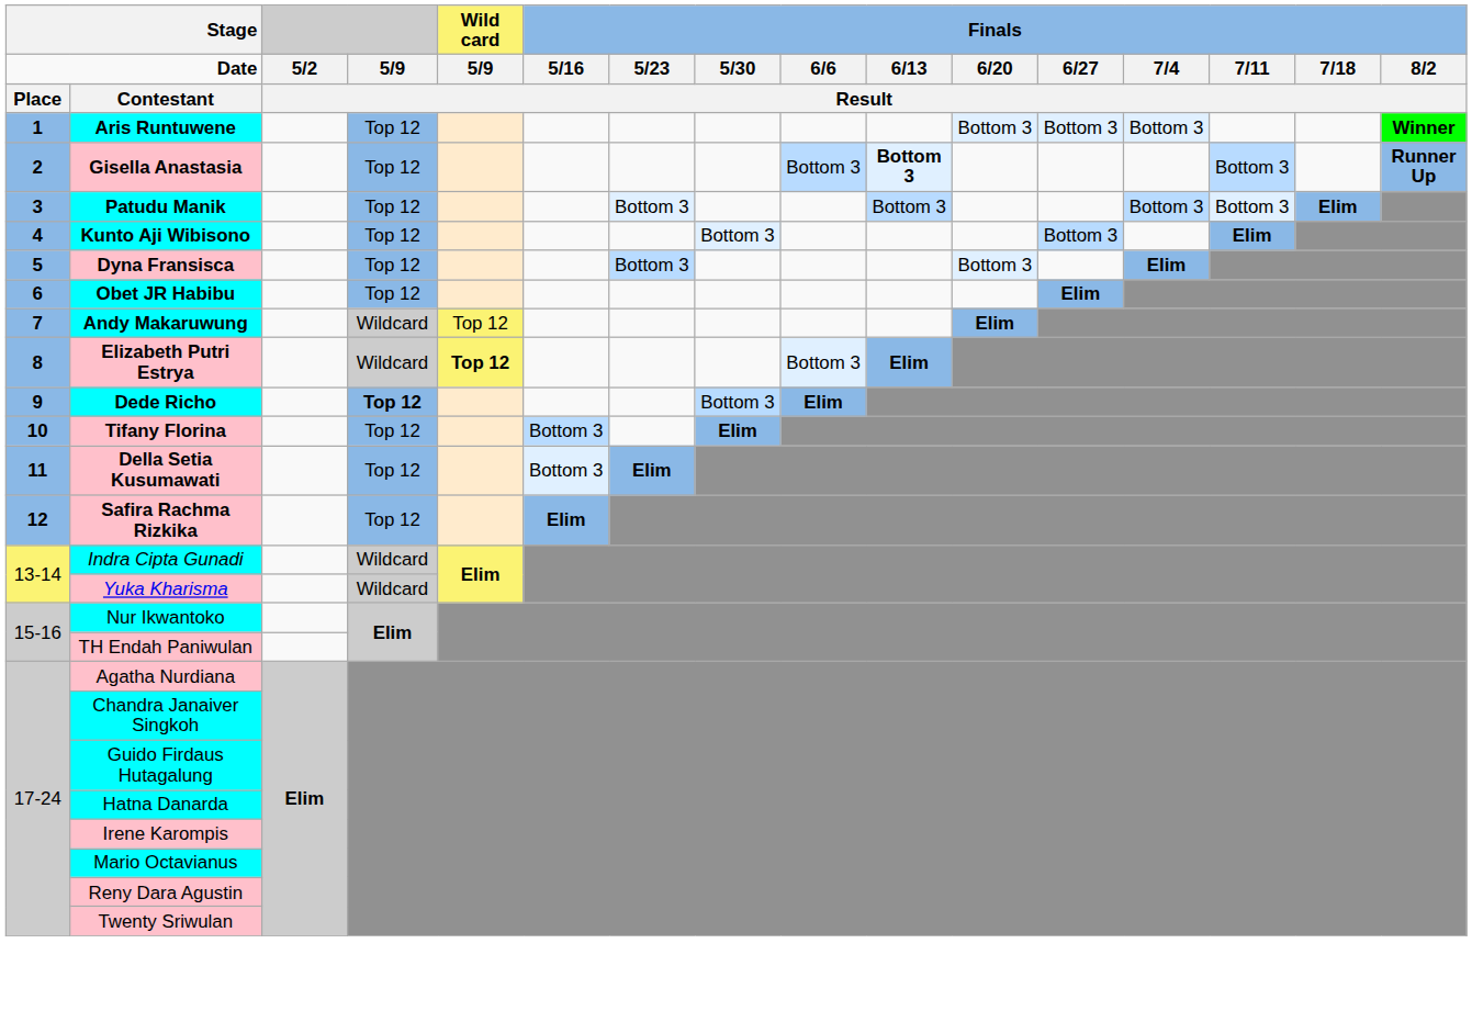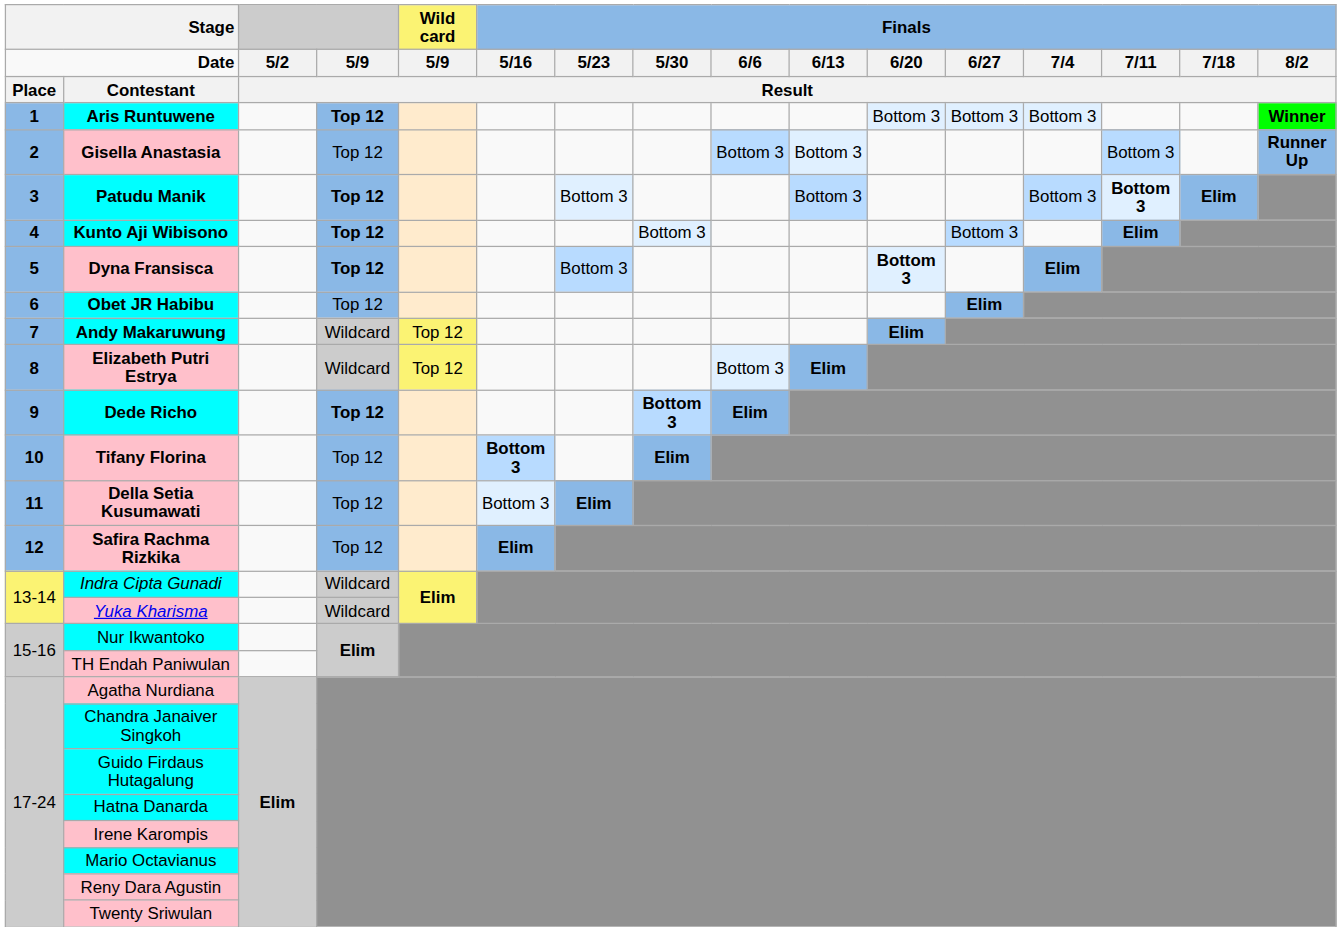 <table class="wikitable" style="margin:1em auto; text-align:center; font-size:85%; width:85%">
 <tr>
 <th colspan="2" style="text-align:right;">Stage</th>
 <th colspan="2" style="background:#ccc;"></th>
 <th style="background:#fbf373;">Wild card</th>
 <th colspan="100" style="background:#8ab8e6;">Finals</th>
 </tr>
 <tr>
 <td colspan="2" style="text-align:right;"><strong>Date</strong></td>
 <th style="width:50px">5/2</th>
 <th style="width:50px">5/9</th>
 <th style="width:50px">5/9</th>
 <th style="width:50px">5/16</th>
 <th style="width:50px">5/23</th>
 <th style="width:50px">5/30</th>
 <th style="width:50px">6/6</th>
 <th style="width:50px">6/13</th>
 <th style="width:50px">6/20</th>
 <th style="width:50px">6/27</th>
 <th style="width:50px">7/4</th>
 <th style="width:50px">7/11</th>
 <th style="width:50px">7/18</th>
 <th style="width:50px">8/2</th>
 </tr>
 <tr>
 <th style="width:30px">Place</th>
 <th style="width:120px">Contestant</th>
 <th colspan="100">Result</th>
 </tr>
 <tr>
 <td style="background:#8ab8e6;"><strong>1</strong></td>
 <td style="background:cyan;"><strong>Aris Runtuwene</strong></td>
 <td></td>
-<td style="background:#8ab8e6;">Top 12</td>
+<td style="background:#8ab8e6;"><strong>Top 12</strong></td>
 <td style="background:#ffebcd"></td>
 <td></td>
 <td></td>
 <td></td>
 <td></td>
 <td></td>
 <td style="background:#e0f0ff;">Bottom 3</td>
 <td style="background:#e0f0ff;">Bottom 3</td>
 <td style="background:#e0f0ff;">Bottom 3</td>
 <td></td>
 <td></td>
 <td style="background:lime;"><strong>Winner</strong></td>
 </tr>
 <tr>
 <td style="background:#8ab8e6;"><strong>2</strong></td>
 <td style="background:pink;"><strong>Gisella Anastasia</strong></td>
 <td></td>
 <td style="background:#8ab8e6;">Top 12</td>
 <td style="background:#ffebcd"></td>
 <td></td>
 <td></td>
 <td></td>
 <td style="background:#b8dbff;">Bottom 3</td>
-<td style="background:#e0f0ff;"><strong>Bottom 3</strong></td>
+<td style="background:#e0f0ff;">Bottom 3</td>
 <td></td>
 <td></td>
 <td></td>
 <td style="background:#b8dbff;">Bottom 3</td>
 <td></td>
 <td style="background:#8ab8e6;"><strong>Runner Up</strong></td>
 </tr>
 <tr>
 <td style="background:#8ab8e6;"><strong>3</strong></td>
 <td style="background:cyan;"><strong>Patudu Manik</strong></td>
 <td></td>
-<td style="background:#8ab8e6;">Top 12</td>
+<td style="background:#8ab8e6;"><strong>Top 12</strong></td>
 <td style="background:#ffebcd"></td>
 <td></td>
 <td style="background:#e0f0ff;">Bottom 3</td>
 <td></td>
 <td></td>
 <td style="background:#b8dbff;">Bottom 3</td>
 <td></td>
 <td></td>
 <td style="background:#b8dbff;">Bottom 3</td>
-<td style="background:#e0f0ff;">Bottom 3</td>
+<td style="background:#e0f0ff;"><strong>Bottom 3</strong></td>
 <td style="background:#8ab8e6;"><strong>Elim</strong></td>
 <td style="background:#919191;" colspan="24"></td>
 </tr>
 <tr>
 <td style="background:#8ab8e6;"><strong>4</strong></td>
 <td style="background:cyan;"><strong>Kunto Aji Wibisono</strong></td>
 <td></td>
-<td style="background:#8ab8e6;">Top 12</td>
+<td style="background:#8ab8e6;"><strong>Top 12</strong></td>
 <td style="background:#ffebcd"></td>
 <td></td>
 <td></td>
 <td style="background:#e0f0ff;">Bottom 3</td>
 <td></td>
 <td></td>
 <td></td>
 <td style="background:#b8dbff;">Bottom 3</td>
 <td></td>
 <td style="background:#8ab8e6;"><strong>Elim</strong></td>
 <td style="background:#919191;" colspan="24"></td>
 </tr>
 <tr>
 <td style="background:#8ab8e6;"><strong>5</strong></td>
 <td style="background:pink;"><strong>Dyna Fransisca</strong></td>
 <td></td>
-<td style="background:#8ab8e6;">Top 12</td>
+<td style="background:#8ab8e6;"><strong>Top 12</strong></td>
 <td style="background:#ffebcd"></td>
 <td></td>
 <td style="background:#b8dbff;">Bottom 3</td>
 <td></td>
 <td></td>
 <td></td>
-<td style="background:#e0f0ff;">Bottom 3</td>
+<td style="background:#e0f0ff;"><strong>Bottom 3</strong></td>
 <td></td>
 <td style="background:#8ab8e6;"><strong>Elim</strong></td>
 <td style="background:#919191;" colspan="24"></td>
 </tr>
 <tr>
 <td style="background:#8ab8e6;"><strong>6</strong></td>
 <td style="background:cyan;"><strong>Obet JR Habibu</strong></td>
 <td></td>
 <td style="background:#8ab8e6;">Top 12</td>
 <td style="background:#ffebcd"></td>
 <td></td>
 <td></td>
 <td></td>
 <td></td>
 <td></td>
 <td></td>
 <td style="background:#8ab8e6;"><strong>Elim</strong></td>
 <td style="background:#919191;" colspan="24"></td>
 </tr>
 <tr>
 <td style="background:#8ab8e6;"><strong>7</strong></td>
 <td style="background:cyan;"><strong>Andy Makaruwung</strong></td>
 <td></td>
 <td style="background:#ccc;">Wildcard</td>
 <td style="background:#fbf373;">Top 12</td>
 <td></td>
 <td></td>
 <td></td>
 <td></td>
 <td></td>
 <td style="background:#8ab8e6;"><strong>Elim</strong></td>
 <td style="background:#919191;" colspan="24"></td>
 </tr>
 <tr>
 <td style="background:#8ab8e6;"><strong>8</strong></td>
 <td style="background:pink;"><strong>Elizabeth Putri Estrya</strong></td>
 <td></td>
 <td style="background:#ccc;">Wildcard</td>
-<td style="background:#fbf373;"><strong>Top 12</strong></td>
+<td style="background:#fbf373;">Top 12</td>
 <td></td>
 <td></td>
 <td></td>
 <td style="background:#e0f0ff;">Bottom 3</td>
 <td style="background:#8ab8e6;"><strong>Elim</strong></td>
 <td style="background:#919191;" colspan="42"></td>
 </tr>
 <tr>
 <td style="background:#8ab8e6;"><strong>9</strong></td>
 <td style="background:cyan;"><strong>Dede Richo</strong></td>
 <td></td>
 <td style="background:#8ab8e6;"><strong>Top 12</strong></td>
 <td style="background:#ffebcd"></td>
 <td></td>
 <td></td>
-<td style="background:#b8dbff;">Bottom 3</td>
+<td style="background:#b8dbff;"><strong>Bottom 3</strong></td>
 <td style="background:#8ab8e6;"><strong>Elim</strong></td>
 <td style="background:#919191;" colspan="24"></td>
 </tr>
 <tr>
 <td style="background:#8ab8e6;"><strong>10</strong></td>
 <td style="background:pink;"><strong>Tifany Florina</strong></td>
 <td></td>
 <td style="background:#8ab8e6;">Top 12</td>
 <td style="background:#ffebcd"></td>
-<td style="background:#b8dbff;">Bottom 3</td>
+<td style="background:#b8dbff;"><strong>Bottom 3</strong></td>
 <td></td>
 <td style="background:#8ab8e6;"><strong>Elim</strong></td>
 <td style="background:#919191;" colspan="24"></td>
 </tr>
 <tr>
 <td style="background:#8ab8e6;"><strong>11</strong></td>
 <td style="background:pink;"><strong>Della Setia Kusumawati</strong></td>
 <td></td>
 <td style="background:#8ab8e6;">Top 12</td>
 <td style="background:#ffebcd"></td>
 <td style="background:#e0f0ff;">Bottom 3</td>
 <td style="background:#8ab8e6;"><strong>Elim</strong></td>
 <td style="background:#919191;" colspan="24"></td>
 </tr>
 <tr>
 <td style="background:#8ab8e6;"><strong>12</strong></td>
 <td style="background:pink;"><strong>Safira Rachma Rizkika</strong></td>
 <td></td>
 <td style="background:#8ab8e6;">Top 12</td>
 <td style="background:#ffebcd"></td>
 <td style="background:#8ab8e6;"><strong>Elim</strong></td>
 <td style="background:#919191;" colspan="24"></td>
 </tr>
 <tr>
 <td style="background:#fbf373;" rowspan="2">13-14</td>
 <td style="background:cyan;"><em>Indra Cipta Gunadi</em></td>
 <td></td>
 <td style="background:#ccc;">Wildcard</td>
 <td style="background:#fbf373;" rowspan="2"><strong>Elim</strong></td>
 <td style="background:#919191;" colspan="22" rowspan="2"></td>
 </tr>
 <tr>
 <td style="background:pink;"><em><a href='#'>Yuka Kharisma</a></em></td>
 <td></td>
 <td style="background:#ccc;">Wildcard</td>
 </tr>
 <tr>
 <td style="background:#ccc;" rowspan="2">15-16</td>
 <td style="background:cyan;">Nur Ikwantoko</td>
 <td></td>
 <td style="background:#ccc;" rowspan="2"><strong>Elim</strong></td>
 <td style="background:#919191;" colspan="22" rowspan="2"></td>
 </tr>
 <tr>
 <td style="background:pink;">TH Endah Paniwulan</td>
 <td></td>
 </tr>
 <tr>
 <td style="background:#ccc;" rowspan="8">17-24</td>
 <td style="background:pink;">Agatha Nurdiana</td>
 <td style="background:#ccc;" rowspan="8"><strong>Elim</strong></td>
 <td style="background:#919191;" colspan="22" rowspan="8"></td>
 </tr>
 <tr>
 <td style="background:cyan;">Chandra Janaiver Singkoh</td>
 </tr>
 <tr>
 <td style="background:cyan;">Guido Firdaus Hutagalung</td>
 </tr>
 <tr>
 <td style="background:cyan;">Hatna Danarda</td>
 </tr>
 <tr>
 <td style="background:pink;">Irene Karompis</td>
 </tr>
 <tr>
 <td style="background:cyan;">Mario Octavianus</td>
 </tr>
 <tr>
 <td style="background:pink;">Reny Dara Agustin</td>
 </tr>
 <tr>
 <td style="background:pink;">Twenty Sriwulan</td>
 </tr>
 </table>
